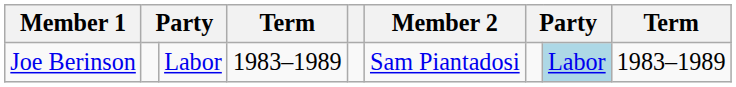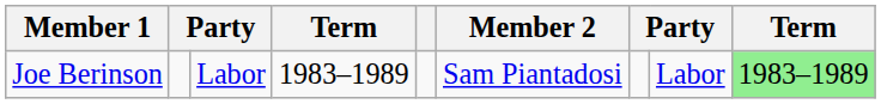 <table class="wikitable">
 <tr>
 <th>Member 1</th>
 <th colspan=2>Party</th>
 <th>Term</th>
 <th></th>
 <th>Member 2</th>
 <th colspan=2>Party</th>
 <th>Term</th>
 </tr>
 <tr>
 <td><a href='#'>Joe Berinson</a></td>
 <td> </td>
 <td><a href='#'>Labor</a></td>
 <td>1983–1989</td>
 <td> </td>
 <td><a href='#'>Sam Piantadosi</a></td>
 <td> </td>
-<td style="background: lightblue;"><a href='#'>Labor</a></td>
-<td>1983–1989</td>
+<td><a href='#'>Labor</a></td>
+<td style="background: lightgreen;">1983–1989</td>
 </tr>
 </table>
